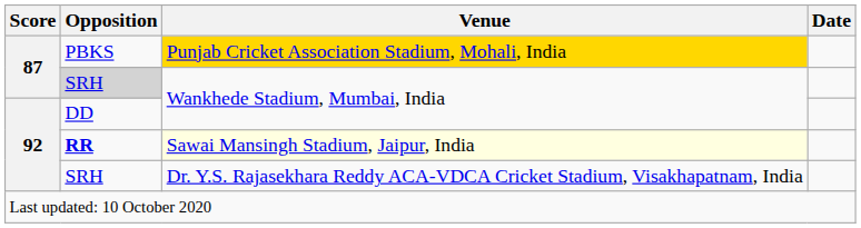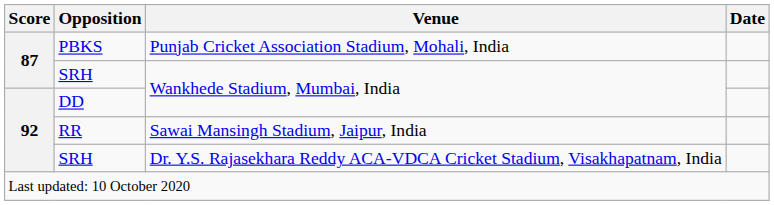 <table class="wikitable">
 <tr>
 <th><strong>Score</strong></th>
 <th><strong>Opposition</strong></th>
 <th><strong>Venue</strong></th>
 <th><strong>Date</strong></th>
 </tr>
 <tr>
 <th rowspan=2>87</th>
 <td><a href='#'>PBKS</a></td>
-<td style="background: gold;"><a href='#'>Punjab Cricket Association Stadium</a>, <a href='#'>Mohali</a>, India</td>
+<td><a href='#'>Punjab Cricket Association Stadium</a>, <a href='#'>Mohali</a>, India</td>
 <td></td>
 </tr>
 <tr>
-<td style="background: lightgrey;"><a href='#'>SRH</a></td>
+<td><a href='#'>SRH</a></td>
 <td rowspan=2><a href='#'>Wankhede Stadium</a>, <a href='#'>Mumbai</a>, India</td>
 <td></td>
 </tr>
 <tr>
 <th rowspan=3>92</th>
 <td><a href='#'>DD</a></td>
 <td></td>
 </tr>
 <tr>
-<td><strong><a href='#'>RR</a></strong></td>
-<td style="background: lightyellow;"><a href='#'>Sawai Mansingh Stadium</a>, <a href='#'>Jaipur</a>, India</td>
+<td><a href='#'>RR</a></td>
+<td><a href='#'>Sawai Mansingh Stadium</a>, <a href='#'>Jaipur</a>, India</td>
 <td></td>
 </tr>
 <tr>
 <td><a href='#'>SRH</a></td>
 <td><a href='#'>Dr. Y.S. Rajasekhara Reddy ACA-VDCA Cricket Stadium</a>, <a href='#'>Visakhapatnam</a>, India</td>
 <td></td>
 </tr>
 <tr class=sortbottom>
 <td colspan="4"><small>Last updated: 10 October 2020</small></td>
 </tr>
 </table>
